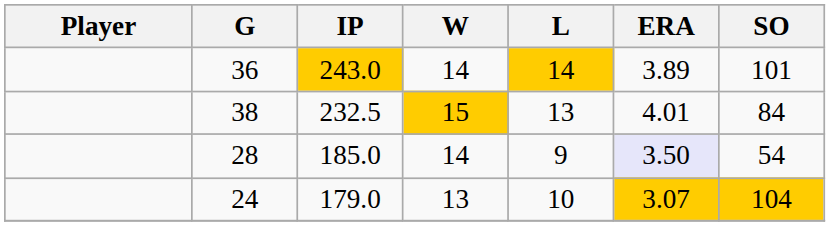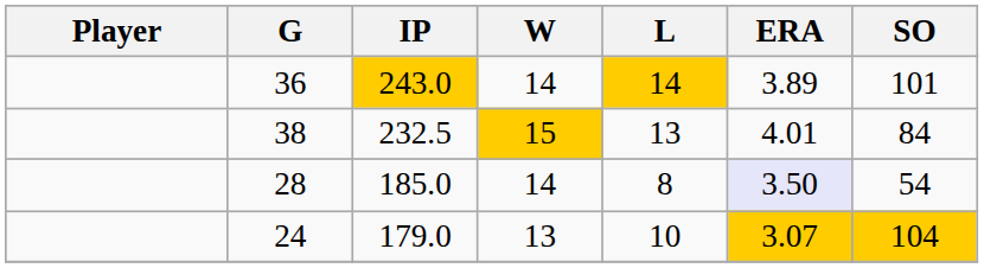 <table class="wikitable sortable">
 <tr>
 <th bgcolor="#DDDDFF" width="16%">Player</th>
 <th bgcolor="#DDDDFF" width="9%">G</th>
 <th bgcolor="#DDDDFF" width="9%">IP</th>
 <th bgcolor="#DDDDFF" width="9%">W</th>
 <th bgcolor="#DDDDFF" width="9%">L</th>
 <th bgcolor="#DDDDFF" width="9%">ERA</th>
 <th bgcolor="#DDDDFF" width="9%">SO</th>
 </tr>
 <tr align="center">
 <td></td>
 <td>36</td>
 <td style="background:#fc0;">243.0</td>
 <td>14</td>
 <td style="background:#fc0;">14</td>
 <td>3.89</td>
 <td>101</td>
 </tr>
 <tr align="center">
 <td></td>
 <td>38</td>
 <td>232.5</td>
 <td style="background:#fc0;">15</td>
 <td>13</td>
 <td>4.01</td>
 <td>84</td>
 </tr>
 <tr align="center">
 <td></td>
 <td>28</td>
 <td>185.0</td>
 <td>14</td>
-<td>9</td>
+<td>8</td>
 <td style="background: lavender;">3.50</td>
 <td>54</td>
 </tr>
 <tr align="center">
 <td></td>
 <td>24</td>
 <td>179.0</td>
 <td>13</td>
 <td>10</td>
 <td style="background:#fc0;">3.07</td>
 <td style="background:#fc0;">104</td>
 </tr>
 <tr align="center">
 </tr>
 </table>
